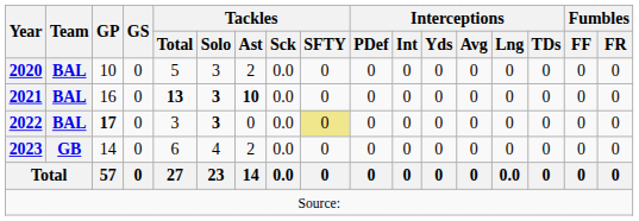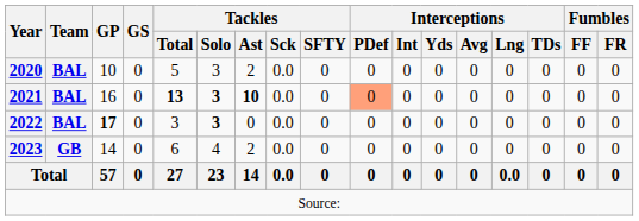 <table class="wikitable" style="text-align: center;">
 <tr>
 <th rowspan=2>Year</th>
 <th rowspan=2>Team</th>
 <th rowspan=2>GP</th>
 <th rowspan=2>GS</th>
 <th colspan=5>Tackles</th>
 <th colspan=6>Interceptions</th>
 <th colspan=2>Fumbles</th>
 </tr>
 <tr>
 <th>Total</th>
 <th>Solo</th>
 <th>Ast</th>
 <th>Sck</th>
 <th>SFTY</th>
 <th>PDef</th>
 <th>Int</th>
 <th>Yds</th>
 <th>Avg</th>
 <th>Lng</th>
 <th>TDs</th>
 <th>FF</th>
 <th>FR</th>
 </tr>
 <tr>
 <th><a href='#'>2020</a></th>
 <th><a href='#'>BAL</a></th>
 <td>10</td>
 <td>0</td>
 <td>5</td>
 <td>3</td>
 <td>2</td>
 <td>0.0</td>
 <td>0</td>
 <td>0</td>
 <td>0</td>
 <td>0</td>
 <td>0</td>
 <td>0</td>
 <td>0</td>
 <td>0</td>
 <td>0</td>
 </tr>
 <tr>
 <th><a href='#'>2021</a></th>
 <th><a href='#'>BAL</a></th>
 <td>16</td>
 <td>0</td>
 <td><strong>13</strong></td>
 <td><strong>3</strong></td>
 <td><strong>10</strong></td>
 <td>0.0</td>
 <td>0</td>
-<td>0</td>
+<td style="background: lightsalmon;">0</td>
 <td>0</td>
 <td>0</td>
 <td>0</td>
 <td>0</td>
 <td>0</td>
 <td>0</td>
 <td>0</td>
 </tr>
 <tr>
 <th><a href='#'>2022</a></th>
 <th><a href='#'>BAL</a></th>
 <td><strong>17</strong></td>
 <td>0</td>
 <td>3</td>
 <td><strong>3</strong></td>
 <td>0</td>
 <td>0.0</td>
-<td style="background: khaki;">0</td>
+<td>0</td>
 <td>0</td>
 <td>0</td>
 <td>0</td>
 <td>0</td>
 <td>0</td>
 <td>0</td>
 <td>0</td>
 <td>0</td>
 </tr>
 <tr>
 <th><a href='#'>2023</a></th>
 <th><a href='#'>GB</a></th>
 <td>14</td>
 <td>0</td>
 <td>6</td>
 <td>4</td>
 <td>2</td>
 <td>0.0</td>
 <td>0</td>
 <td>0</td>
 <td>0</td>
 <td>0</td>
 <td>0</td>
 <td>0</td>
 <td>0</td>
 <td>0</td>
 <td>0</td>
 </tr>
 <tr>
 <th colspan="2">Total</th>
 <th>57</th>
 <th>0</th>
 <th>27</th>
 <th>23</th>
 <th>14</th>
 <th>0.0</th>
 <th>0</th>
 <th>0</th>
 <th>0</th>
 <th>0</th>
 <th>0</th>
 <th>0.0</th>
 <th>0</th>
 <th>0</th>
 <th>0</th>
 </tr>
 <tr>
 <td colspan="17"><small>Source: </small></td>
 </tr>
 </table>
